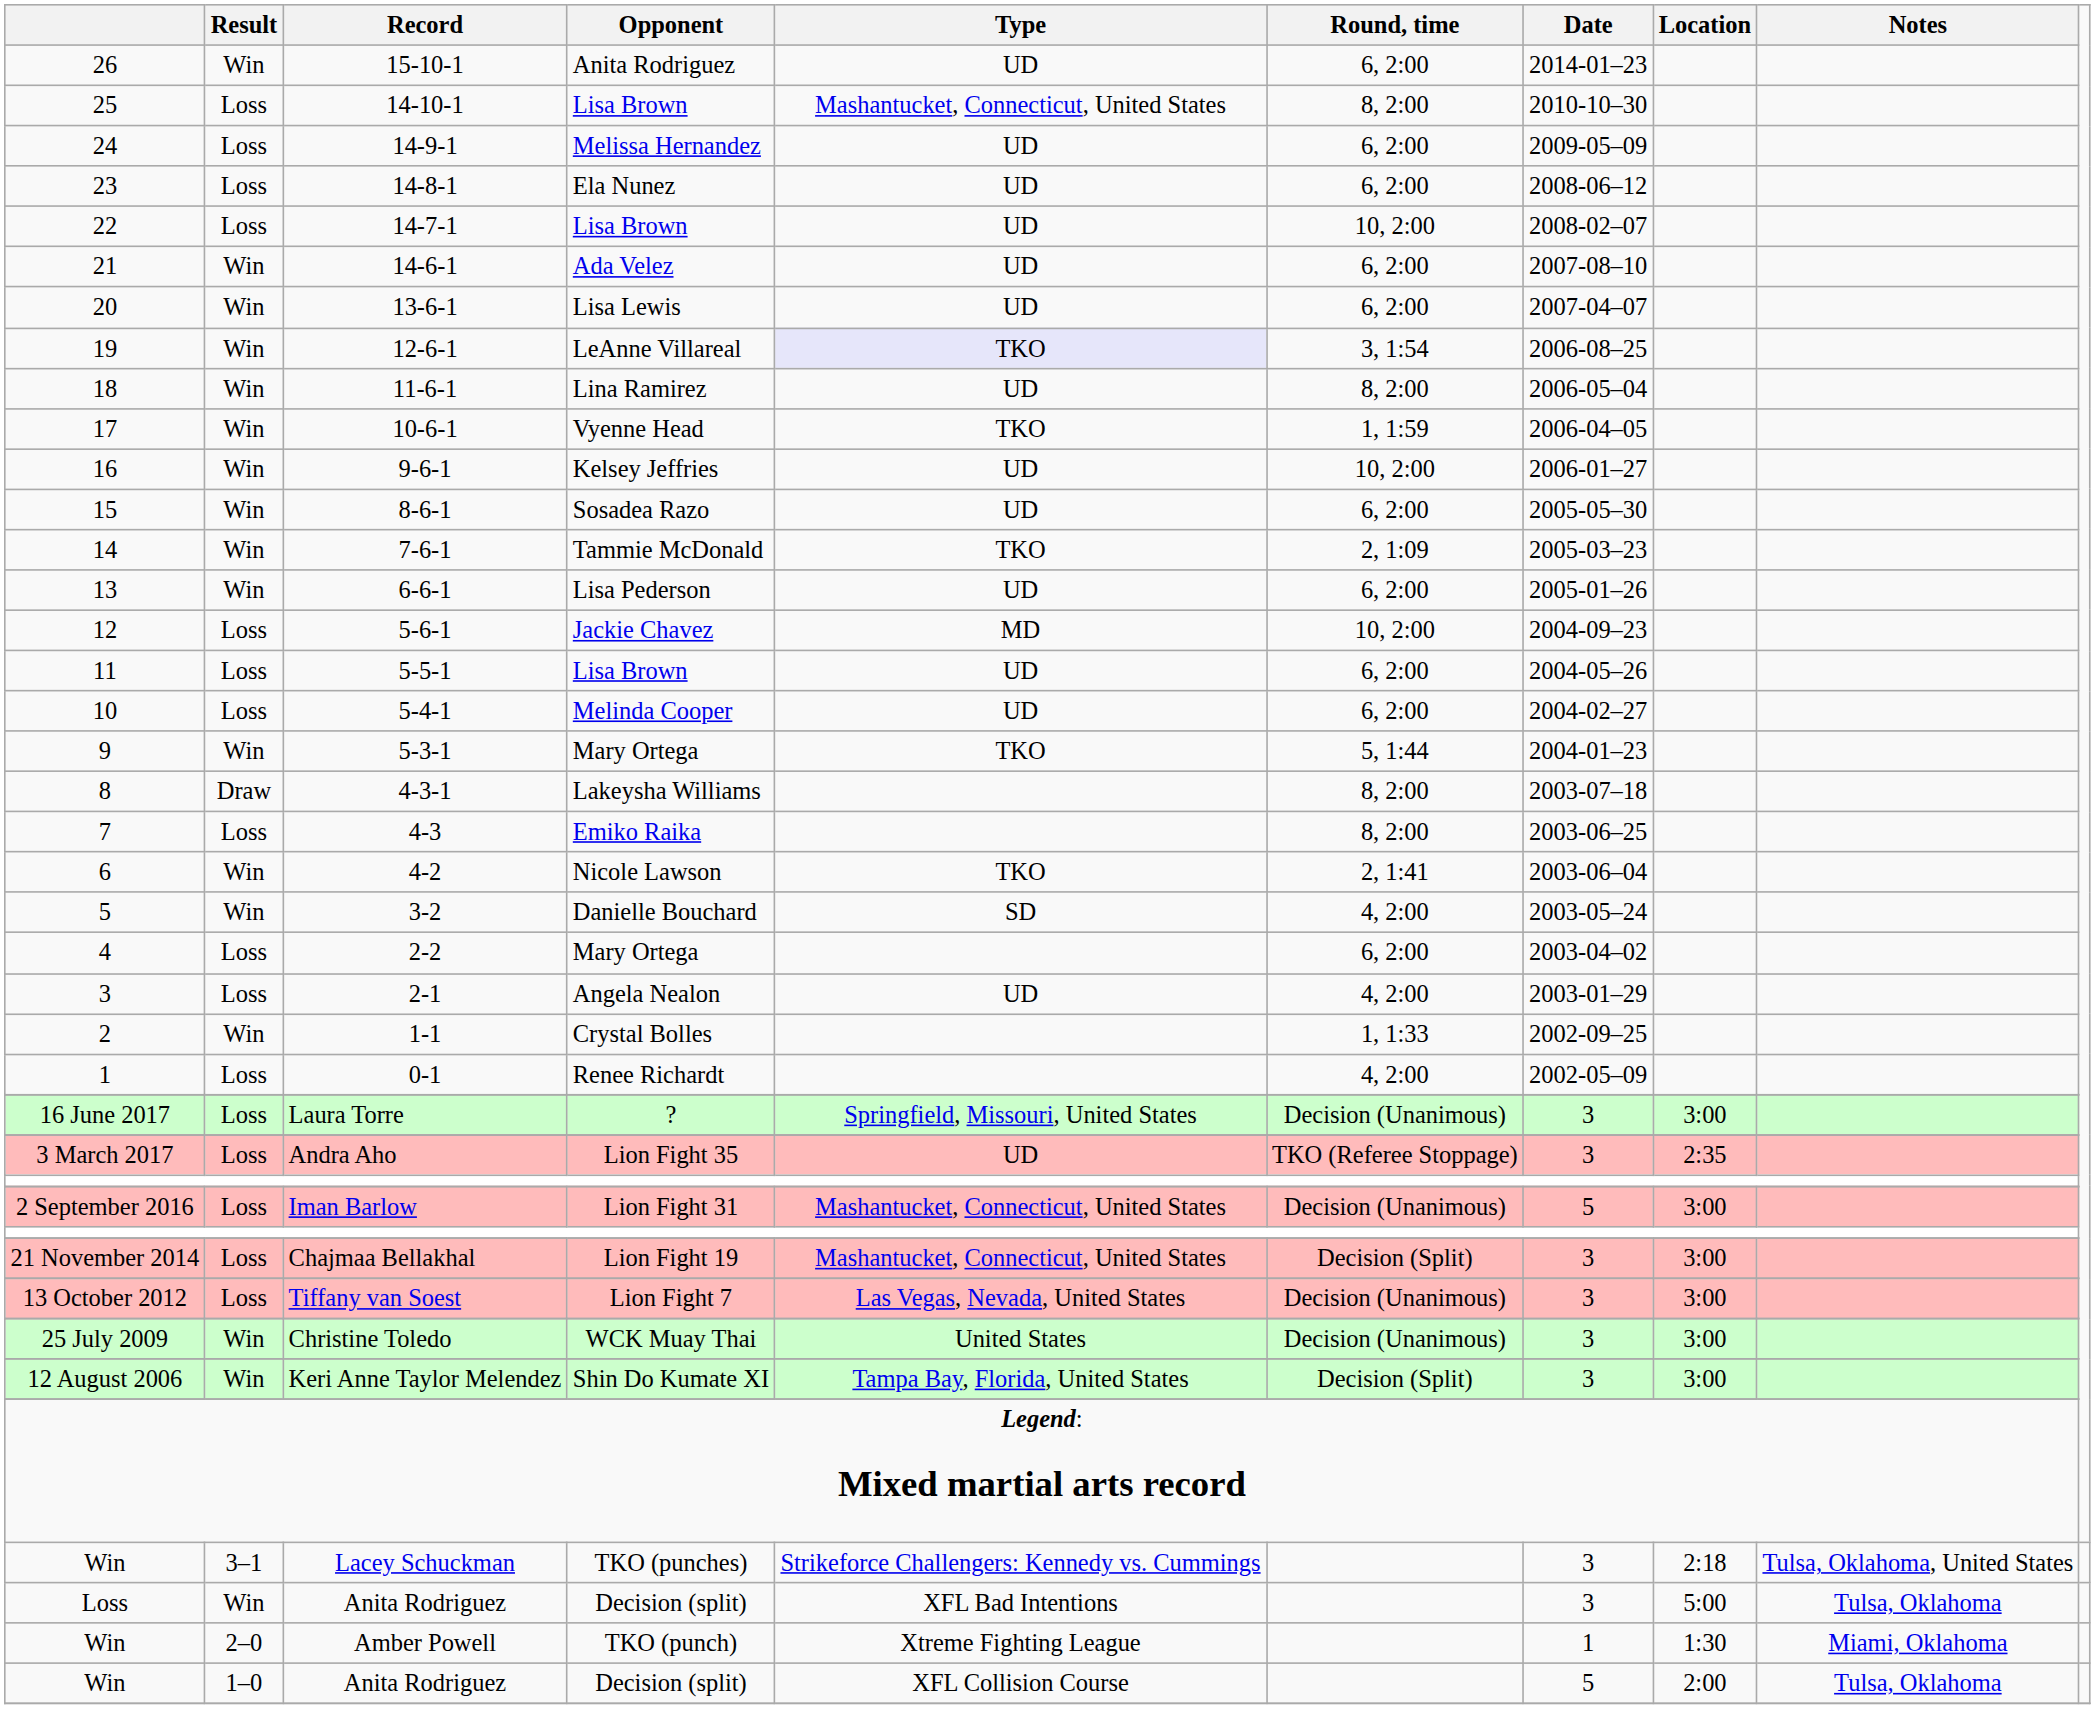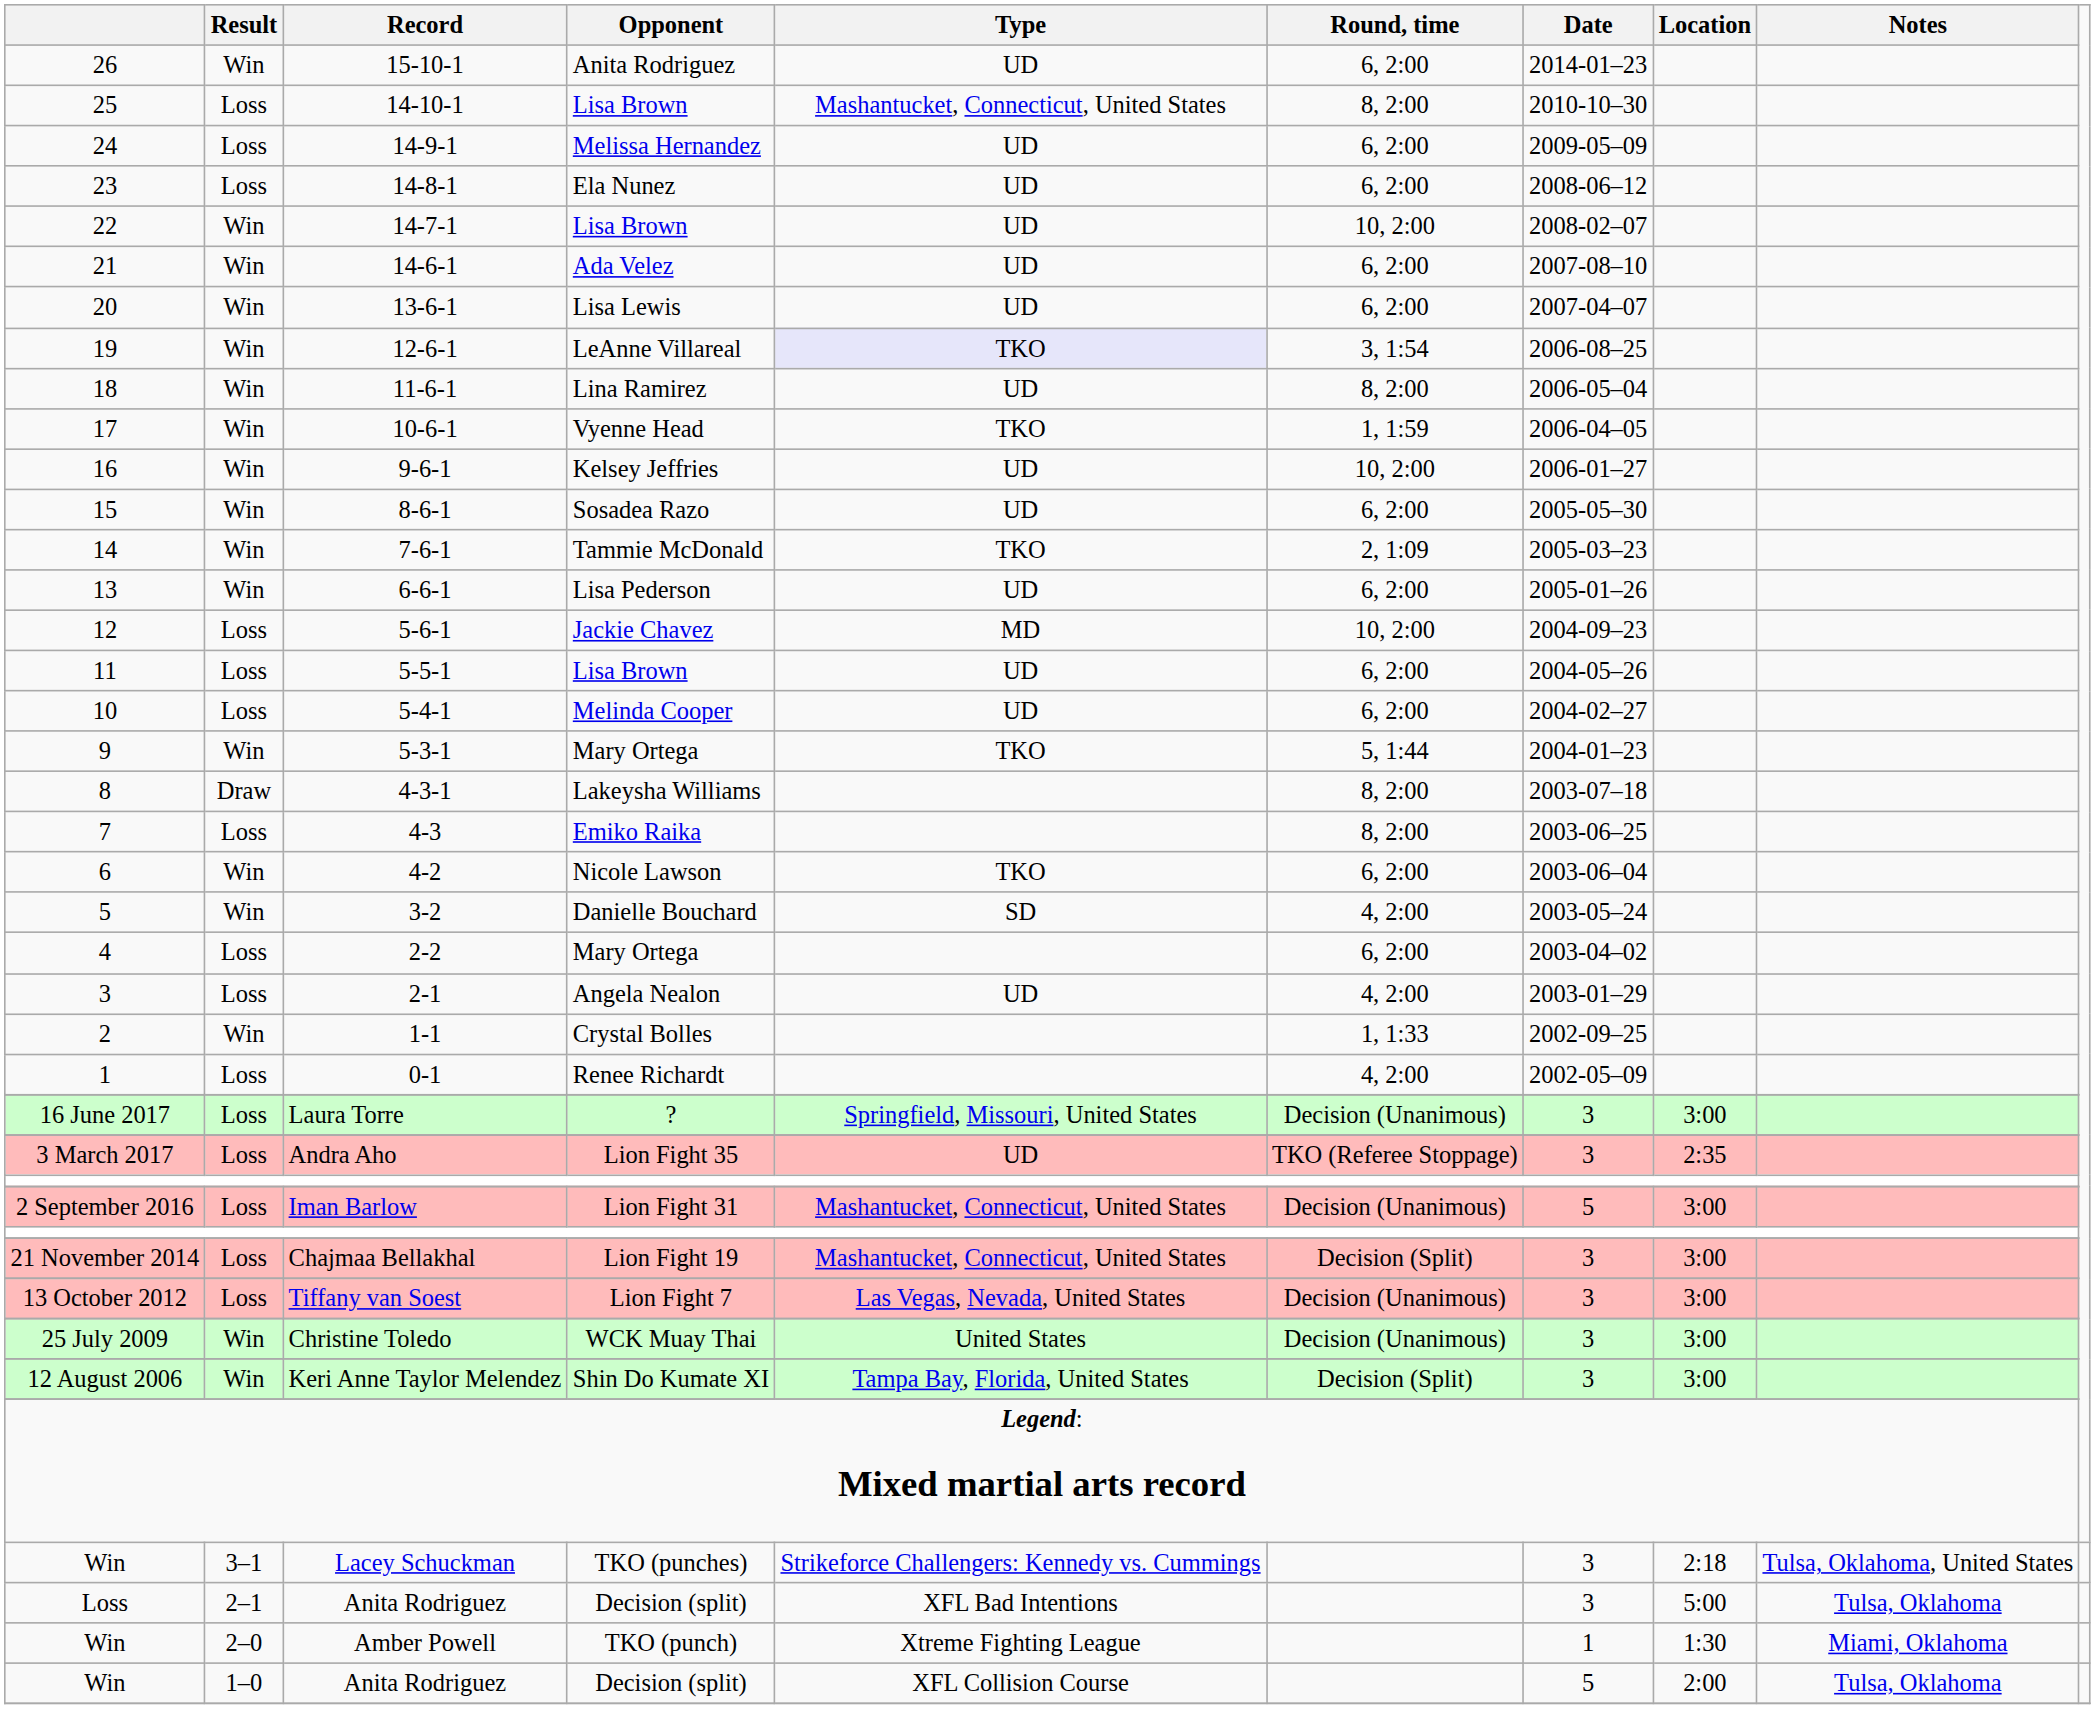 <table class="wikitable" style="text-align:center; font-size:95%">
 <tr>
 <th></th>
 <th>Result</th>
 <th>Record</th>
 <th>Opponent</th>
 <th>Type</th>
 <th>Round, time</th>
 <th>Date</th>
 <th>Location</th>
 <th>Notes</th>
 </tr>
 <tr>
 <td>26</td>
 <td>Win</td>
 <td>15-10-1</td>
 <td style="text-align:left;"> Anita Rodriguez</td>
 <td>UD</td>
 <td>6, 2:00</td>
 <td>2014-01–23</td>
 <td align=left> </td>
 <td></td>
 </tr>
 <tr>
 <td>25</td>
 <td>Loss</td>
 <td>14-10-1</td>
 <td style="text-align:left;"> <a href='#'>Lisa Brown</a></td>
 <td><a href='#'>Mashantucket</a>, <a href='#'>Connecticut</a>, United States</td>
 <td>8, 2:00</td>
 <td>2010-10–30</td>
 <td align=left> </td>
 <td></td>
 </tr>
 <tr>
 <td>24</td>
 <td>Loss</td>
 <td>14-9-1</td>
 <td style="text-align:left;"> <a href='#'>Melissa Hernandez</a></td>
 <td>UD</td>
 <td>6, 2:00</td>
 <td>2009-05–09</td>
 <td align=left> </td>
 <td></td>
 </tr>
 <tr>
 <td>23</td>
 <td>Loss</td>
 <td>14-8-1</td>
 <td style="text-align:left;"> Ela Nunez</td>
 <td>UD</td>
 <td>6, 2:00</td>
 <td>2008-06–12</td>
 <td align=left> </td>
 <td></td>
 </tr>
 <tr>
 <td>22</td>
-<td>Loss</td>
+<td>Win</td>
 <td>14-7-1</td>
 <td style="text-align:left;"> <a href='#'>Lisa Brown</a></td>
 <td>UD</td>
 <td>10, 2:00</td>
 <td>2008-02–07</td>
 <td align=left> </td>
 <td style="text-align:left;"></td>
 </tr>
 <tr>
 <td>21</td>
 <td>Win</td>
 <td>14-6-1</td>
 <td style="text-align:left;"> <a href='#'>Ada Velez</a></td>
 <td>UD</td>
 <td>6, 2:00</td>
 <td>2007-08–10</td>
 <td align=left> </td>
 <td></td>
 </tr>
 <tr>
 <td>20</td>
 <td>Win</td>
 <td>13-6-1</td>
 <td style="text-align:left;"> Lisa Lewis</td>
 <td>UD</td>
 <td>6, 2:00</td>
 <td>2007-04–07</td>
 <td align=left> </td>
 <td></td>
 </tr>
 <tr>
 <td>19</td>
 <td>Win</td>
 <td>12-6-1</td>
 <td style="text-align:left;"> LeAnne Villareal</td>
 <td style="background: lavender;">TKO</td>
 <td>3, 1:54</td>
 <td>2006-08–25</td>
 <td align=left> </td>
 <td></td>
 </tr>
 <tr>
 <td>18</td>
 <td>Win</td>
 <td>11-6-1</td>
 <td style="text-align:left;"> Lina Ramirez</td>
 <td>UD</td>
 <td>8, 2:00</td>
 <td>2006-05–04</td>
 <td align=left> </td>
 <td></td>
 </tr>
 <tr>
 <td>17</td>
 <td>Win</td>
 <td>10-6-1</td>
 <td style="text-align:left;"> Vyenne Head</td>
 <td>TKO</td>
 <td>1, 1:59</td>
 <td>2006-04–05</td>
 <td align=left> </td>
 <td></td>
 </tr>
 <tr>
 <td>16</td>
 <td>Win</td>
 <td>9-6-1</td>
 <td style="text-align:left;"> Kelsey Jeffries</td>
 <td>UD</td>
 <td>10, 2:00</td>
 <td>2006-01–27</td>
 <td align=left> </td>
 <td style="text-align:left;"></td>
 </tr>
 <tr>
 <td>15</td>
 <td>Win</td>
 <td>8-6-1</td>
 <td style="text-align:left;"> Sosadea Razo</td>
 <td>UD</td>
 <td>6, 2:00</td>
 <td>2005-05–30</td>
 <td align=left> </td>
 <td></td>
 </tr>
 <tr>
 <td>14</td>
 <td>Win</td>
 <td>7-6-1</td>
 <td style="text-align:left;"> Tammie McDonald</td>
 <td>TKO</td>
 <td>2, 1:09</td>
 <td>2005-03–23</td>
 <td align=left> </td>
 <td></td>
 </tr>
 <tr>
 <td>13</td>
 <td>Win</td>
 <td>6-6-1</td>
 <td style="text-align:left;"> Lisa Pederson</td>
 <td>UD</td>
 <td>6, 2:00</td>
 <td>2005-01–26</td>
 <td align=left> </td>
 <td></td>
 </tr>
 <tr>
 <td>12</td>
 <td>Loss</td>
 <td>5-6-1</td>
 <td style="text-align:left;"> <a href='#'>Jackie Chavez</a></td>
 <td>MD</td>
 <td>10, 2:00</td>
 <td>2004-09–23</td>
 <td align=left> </td>
 <td style="text-align:left;"></td>
 </tr>
 <tr>
 <td>11</td>
 <td>Loss</td>
 <td>5-5-1</td>
 <td style="text-align:left;"> <a href='#'>Lisa Brown</a></td>
 <td>UD</td>
 <td>6, 2:00</td>
 <td>2004-05–26</td>
 <td align=left> </td>
 <td></td>
 </tr>
 <tr>
 <td>10</td>
 <td>Loss</td>
 <td>5-4-1</td>
 <td style="text-align:left;"> <a href='#'>Melinda Cooper</a></td>
 <td>UD</td>
 <td>6, 2:00</td>
 <td>2004-02–27</td>
 <td align=left> </td>
 <td></td>
 </tr>
 <tr>
 <td>9</td>
 <td>Win</td>
 <td>5-3-1</td>
 <td style="text-align:left;"> Mary Ortega</td>
 <td>TKO</td>
 <td>5, 1:44</td>
 <td>2004-01–23</td>
 <td align=left> </td>
 <td></td>
 </tr>
 <tr>
 <td>8</td>
 <td>Draw</td>
 <td>4-3-1</td>
 <td style="text-align:left;"> Lakeysha Williams</td>
 <td></td>
 <td>8, 2:00</td>
 <td>2003-07–18</td>
 <td align=left> </td>
 <td></td>
 </tr>
 <tr>
 <td>7</td>
 <td>Loss</td>
 <td>4-3</td>
 <td style="text-align:left;"> <a href='#'>Emiko Raika</a></td>
 <td></td>
 <td>8, 2:00</td>
 <td>2003-06–25</td>
 <td align=left> </td>
 <td></td>
 </tr>
 <tr>
 <td>6</td>
 <td>Win</td>
 <td>4-2</td>
 <td style="text-align:left;"> Nicole Lawson</td>
 <td>TKO</td>
-<td>2, 1:41</td>
+<td>6, 2:00</td>
 <td>2003-06–04</td>
 <td align=left> </td>
 <td></td>
 </tr>
 <tr>
 <td>5</td>
 <td>Win</td>
 <td>3-2</td>
 <td style="text-align:left;"> Danielle Bouchard</td>
 <td>SD</td>
 <td>4, 2:00</td>
 <td>2003-05–24</td>
 <td align=left> </td>
 <td></td>
 </tr>
 <tr>
 <td>4</td>
 <td>Loss</td>
 <td>2-2</td>
 <td style="text-align:left;"> Mary Ortega</td>
 <td></td>
 <td>6, 2:00</td>
 <td>2003-04–02</td>
 <td align=left> </td>
 <td></td>
 </tr>
 <tr>
 <td>3</td>
 <td>Loss</td>
 <td>2-1</td>
 <td style="text-align:left;"> Angela Nealon</td>
 <td>UD</td>
 <td>4, 2:00</td>
 <td>2003-01–29</td>
 <td align=left> </td>
 <td></td>
 </tr>
 <tr>
 <td>2</td>
 <td>Win</td>
 <td>1-1</td>
 <td style="text-align:left;"> Crystal Bolles</td>
 <td></td>
 <td>1, 1:33</td>
 <td>2002-09–25</td>
 <td align=left> </td>
 <td></td>
 </tr>
 <tr>
 <td>1</td>
 <td>Loss</td>
 <td>0-1</td>
 <td style="text-align:left;"> Renee Richardt</td>
 <td></td>
 <td>4, 2:00</td>
 <td>2002-05–09</td>
 <td align=left> </td>
 <td></td>
 </tr>
 <tr>
 </tr>
 <tr bgcolor=>
 </tr>
 <tr bgcolor="#CCFFCC">
 <td>16 June 2017</td>
 <td>Loss</td>
 <td align=left> Laura Torre</td>
 <td>?</td>
 <td><a href='#'>Springfield</a>, <a href='#'>Missouri</a>, United States</td>
 <td>Decision (Unanimous)</td>
 <td>3</td>
 <td>3:00</td>
 <td></td>
 </tr>
 <tr>
 </tr>
 <tr bgcolor="#FFBBBB">
 <td>3 March 2017</td>
 <td>Loss</td>
 <td align=left> Andra Aho</td>
 <td>Lion Fight 35</td>
 <td>UD</td>
 <td>TKO (Referee Stoppage)</td>
 <td>3</td>
 <td>2:35</td>
 <td></td>
 </tr>
 <tr>
 <th style=background:white colspan=9></th>
 </tr>
 <tr>
 </tr>
 <tr bgcolor="#FFBBBB">
 <td>2 September 2016</td>
 <td>Loss</td>
 <td align=left> <a href='#'>Iman Barlow</a></td>
 <td>Lion Fight 31</td>
 <td><a href='#'>Mashantucket</a>, <a href='#'>Connecticut</a>, United States</td>
 <td>Decision (Unanimous)</td>
 <td>5</td>
 <td>3:00</td>
 <td></td>
 </tr>
 <tr>
 <th style=background:white colspan=9></th>
 </tr>
 <tr>
 </tr>
 <tr bgcolor="#FFBBBB">
 <td>21 November 2014</td>
 <td>Loss</td>
 <td align=left> Chajmaa Bellakhal</td>
 <td>Lion Fight 19</td>
 <td><a href='#'>Mashantucket</a>, <a href='#'>Connecticut</a>, United States</td>
 <td>Decision (Split)</td>
 <td>3</td>
 <td>3:00</td>
 <td></td>
 </tr>
 <tr>
 </tr>
 <tr bgcolor="#FFBBBB">
 <td>13 October 2012</td>
 <td>Loss</td>
 <td align=left> <a href='#'>Tiffany van Soest</a></td>
 <td>Lion Fight 7</td>
 <td><a href='#'>Las Vegas</a>, <a href='#'>Nevada</a>, United States</td>
 <td>Decision (Unanimous)</td>
 <td>3</td>
 <td>3:00</td>
 <td></td>
 </tr>
 <tr>
 </tr>
 <tr bgcolor="#CCFFCC">
 <td>25 July 2009</td>
 <td>Win</td>
 <td align=left> Christine Toledo</td>
 <td>WCK Muay Thai</td>
 <td>United States</td>
 <td>Decision (Unanimous)</td>
 <td>3</td>
 <td>3:00</td>
 <td></td>
 </tr>
 <tr>
 </tr>
 <tr bgcolor="#CCFFCC">
 <td>12 August 2006</td>
 <td>Win</td>
 <td align=left> Keri Anne Taylor Melendez</td>
 <td>Shin Do Kumate XI</td>
 <td><a href='#'>Tampa Bay</a>, <a href='#'>Florida</a>, United States</td>
 <td>Decision (Split)</td>
 <td>3</td>
 <td>3:00</td>
 <td></td>
 </tr>
 <tr>
 </tr>
 <tr>
 <td colspan=9><strong><em>Legend</em></strong>:    <br><h2>Mixed martial arts record</h2> </td>
 </tr>
 <tr>
 <td>Win</td>
 <td align=center>3–1</td>
 <td><a href='#'>Lacey Schuckman</a></td>
 <td>TKO (punches)</td>
 <td><a href='#'>Strikeforce Challengers: Kennedy vs. Cummings</a></td>
 <td></td>
 <td align=center>3</td>
 <td align=center>2:18</td>
 <td><a href='#'>Tulsa, Oklahoma</a>, United States</td>
 <td></td>
 </tr>
 <tr>
 <td>Loss</td>
-<td>Win</td>
+<td align=center>2–1</td>
 <td>Anita Rodriguez</td>
 <td>Decision (split)</td>
 <td>XFL Bad Intentions</td>
 <td></td>
 <td align=center>3</td>
 <td align=center>5:00</td>
 <td><a href='#'>Tulsa, Oklahoma</a></td>
 <td></td>
 </tr>
 <tr>
 <td>Win</td>
 <td align=center>2–0</td>
 <td>Amber Powell</td>
 <td>TKO (punch)</td>
 <td>Xtreme Fighting League</td>
 <td></td>
 <td align=center>1</td>
 <td align=center>1:30</td>
 <td><a href='#'>Miami, Oklahoma</a></td>
 <td></td>
 </tr>
 <tr>
 <td>Win</td>
 <td align=center>1–0</td>
 <td>Anita Rodriguez</td>
 <td>Decision (split)</td>
 <td>XFL Collision Course</td>
 <td></td>
 <td align=center>5</td>
 <td align=center>2:00</td>
 <td><a href='#'>Tulsa, Oklahoma</a></td>
 <td></td>
 </tr>
 <tr>
 </tr>
 </table>
